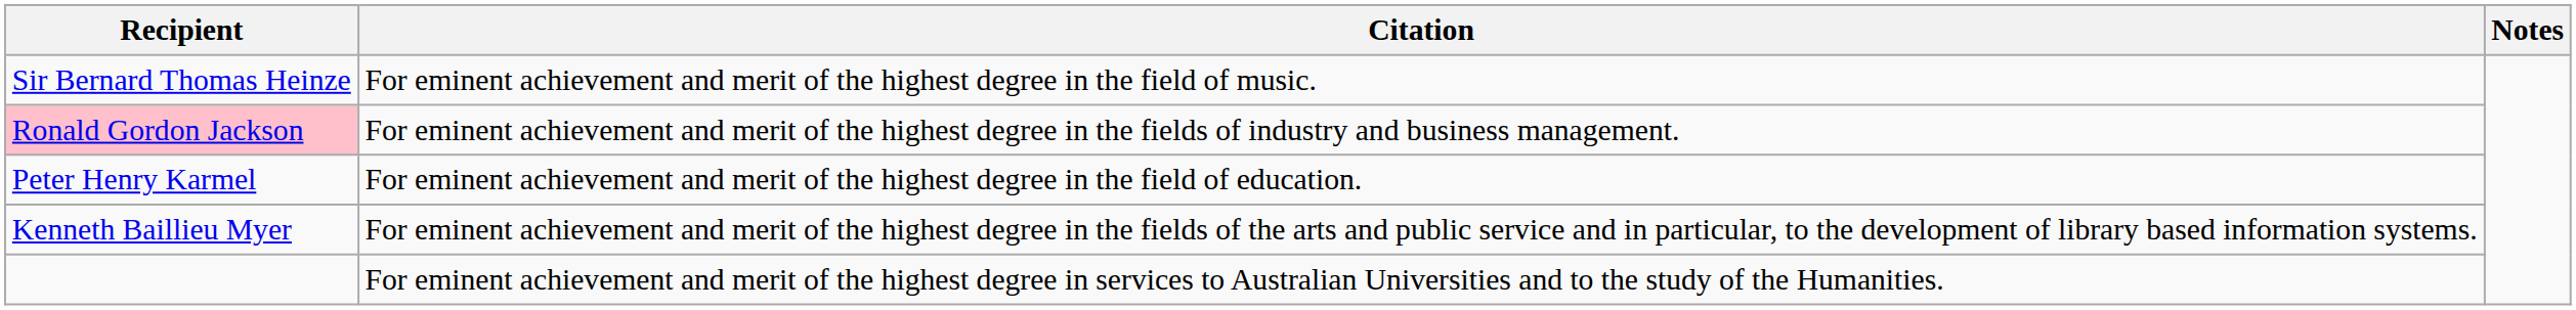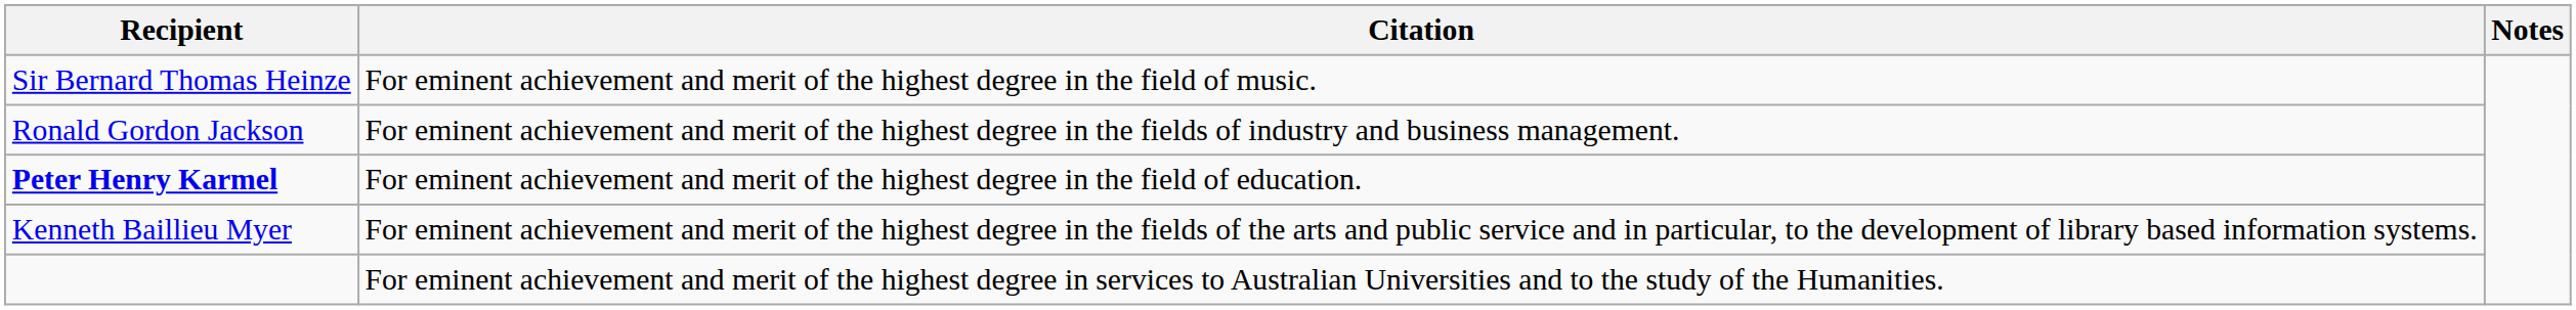 <table class="wikitable" style="font-size:95%;">
 <tr>
 <th>Recipient</th>
 <th>Citation</th>
 <th>Notes</th>
 </tr>
 <tr>
 <td><a href='#'>Sir Bernard Thomas Heinze</a></td>
 <td>For eminent achievement and merit of the highest degree in the field of music.</td>
 <td rowspan=5></td>
 </tr>
 <tr>
-<td style="background: pink;"><a href='#'>Ronald Gordon Jackson</a></td>
+<td><a href='#'>Ronald Gordon Jackson</a></td>
 <td>For eminent achievement and merit of the highest degree in the fields of industry and business management.</td>
 </tr>
 <tr>
-<td> <a href='#'>Peter Henry Karmel</a> </td>
+<td><strong> <a href='#'>Peter Henry Karmel</a> </strong></td>
 <td>For eminent achievement and merit of the highest degree in the field of education.</td>
 </tr>
 <tr>
 <td><a href='#'>Kenneth Baillieu Myer</a> </td>
 <td>For eminent achievement and merit of the highest degree in the fields of the arts and public service and in particular, to the development of library based information systems.</td>
 </tr>
 <tr>
 <td></td>
 <td>For eminent achievement and merit of the highest degree in services to Australian Universities and to the study of the Humanities.</td>
 </tr>
 </table>
